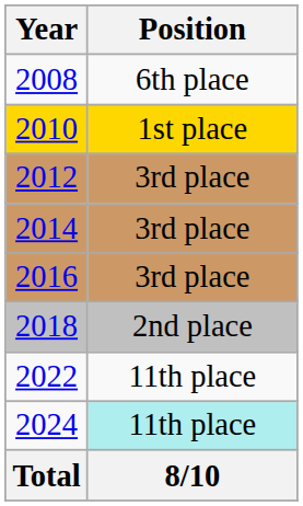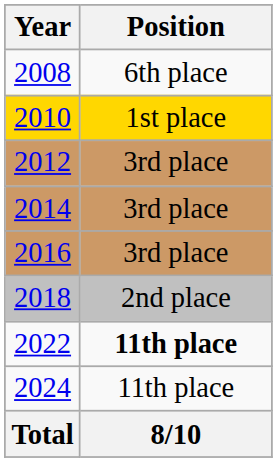 <table class="wikitable" style="text-align: center;">
 <tr>
 <th>Year</th>
 <th width="100">Position</th>
 </tr>
 <tr>
 <td> <a href='#'>2008</a></td>
 <td>6th place</td>
 </tr>
 <tr bgcolor=gold>
 <td> <a href='#'>2010</a></td>
 <td>1st place</td>
 </tr>
 <tr bgcolor=cc9966>
 <td> <a href='#'>2012</a></td>
 <td>3rd place</td>
 </tr>
 <tr bgcolor=cc9966>
 <td> <a href='#'>2014</a></td>
 <td>3rd place</td>
 </tr>
 <tr bgcolor=cc9966>
 <td> <a href='#'>2016</a></td>
 <td>3rd place</td>
 </tr>
 <tr bgcolor=silver>
 <td> <a href='#'>2018</a></td>
 <td>2nd place</td>
 </tr>
 <tr>
 <td> <a href='#'>2022</a></td>
-<td>11th place</td>
+<td><strong>11th place</strong></td>
 </tr>
 <tr>
 <td> <a href='#'>2024</a></td>
-<td style="background: paleturquoise;">11th place</td>
+<td>11th place</td>
 </tr>
 <tr>
 <th>Total</th>
 <th>8/10</th>
 </tr>
 </table>
